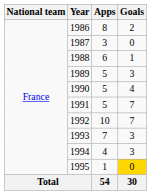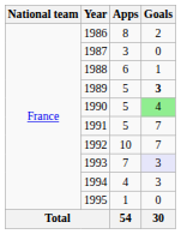 <table class="wikitable" style="text-align: center;">
 <tr>
 <th>National team</th>
 <th>Year</th>
 <th>Apps</th>
 <th>Goals</th>
 </tr>
 <tr>
 <td rowspan="10"><a href='#'>France</a></td>
 <td>1986</td>
 <td>8</td>
 <td>2</td>
 </tr>
 <tr>
 <td>1987</td>
 <td>3</td>
 <td>0</td>
 </tr>
 <tr>
 <td>1988</td>
 <td>6</td>
 <td>1</td>
 </tr>
 <tr>
 <td>1989</td>
 <td>5</td>
-<td>3</td>
+<td><strong>3</strong></td>
 </tr>
 <tr>
 <td>1990</td>
 <td>5</td>
-<td>4</td>
+<td style="background: lightgreen;">4</td>
 </tr>
 <tr>
 <td>1991</td>
 <td>5</td>
 <td>7</td>
 </tr>
 <tr>
 <td>1992</td>
 <td>10</td>
 <td>7</td>
 </tr>
 <tr>
 <td>1993</td>
 <td>7</td>
-<td>3</td>
+<td style="background: lavender;">3</td>
 </tr>
 <tr>
 <td>1994</td>
 <td>4</td>
 <td>3</td>
 </tr>
 <tr>
 <td>1995</td>
 <td>1</td>
-<td style="background: gold;">0</td>
+<td>0</td>
 </tr>
 <tr>
 <th colspan="2">Total</th>
 <th>54</th>
 <th>30</th>
 </tr>
 </table>
